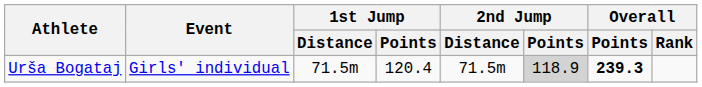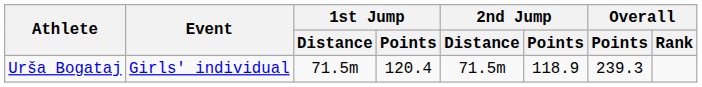 <table class="wikitable">
 <tr>
 <th rowspan="2">Athlete</th>
 <th rowspan="2">Event</th>
 <th colspan="2">1st Jump</th>
 <th colspan="2">2nd Jump</th>
 <th colspan="2">Overall</th>
 </tr>
 <tr>
 <th>Distance</th>
 <th>Points</th>
 <th>Distance</th>
 <th>Points</th>
 <th>Points</th>
 <th>Rank</th>
 </tr>
 <tr>
 <td><a href='#'>Urša Bogataj</a></td>
 <td><a href='#'>Girls' individual</a></td>
 <td align="center">71.5m</td>
 <td align="center">120.4</td>
 <td align="center">71.5m</td>
-<td align="center" style="background: lightgrey;">118.9</td>
-<td align="center"><strong>239.3</strong></td>
+<td align="center">118.9</td>
+<td align="center">239.3</td>
 <td align="center"></td>
 </tr>
 </table>
